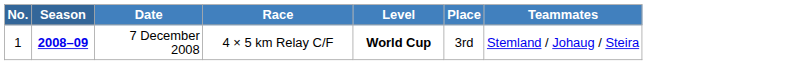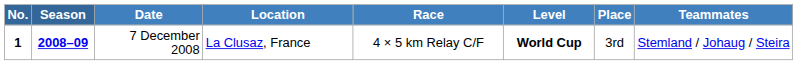 <table class="wikitable sortable" style="font-size:95%; text-align:center; border:grey solid 1px; border-collapse:collapse; background:#ffffff;">
 <tr style="background:#efefef;">
 <th style="background-color:#369; color:white;">No.</th>
 <th style="background-color:#369; color:white;">Season</th>
 <th style="background-color:#4180be; color:white; width:120px;">Date</th>
+<th style="background-color:#4180be; color:white; width:170px;">Location</th>
 <th style="background-color:#4180be; color:white; width:170px;">Race</th>
 <th style="background-color:#4180be; color:white; width:100px;">Level</th>
 <th style="background-color:#4180be; color:white;">Place</th>
 <th style="background-color:#4180be; color:white;">Teammates</th>
 </tr>
 <tr>
-<td align=center>1</td>
+<td align=center><strong>1</strong></td>
 <td rowspan=1 align=center><strong> <a href='#'>2008–09</a> </strong></td>
 <td align=right>7 December 2008</td>
+<td align=left> <a href='#'>La Clusaz</a>, France</td>
 <td>4 × 5 km Relay C/F</td>
 <td><strong>World Cup</strong></td>
 <td>3rd</td>
 <td><a href='#'>Stemland</a> / <a href='#'>Johaug</a> / <a href='#'>Steira</a></td>
 </tr>
 </table>
